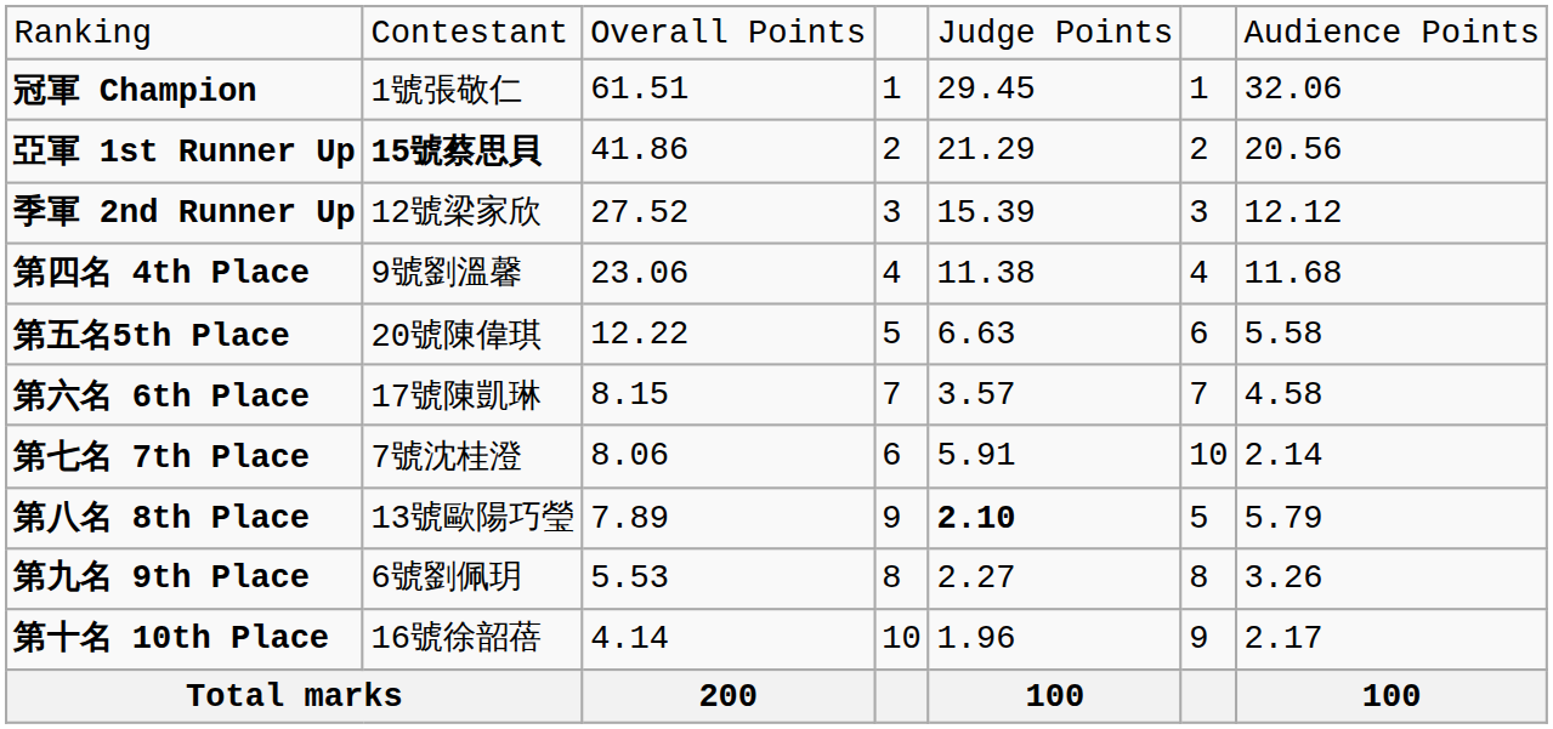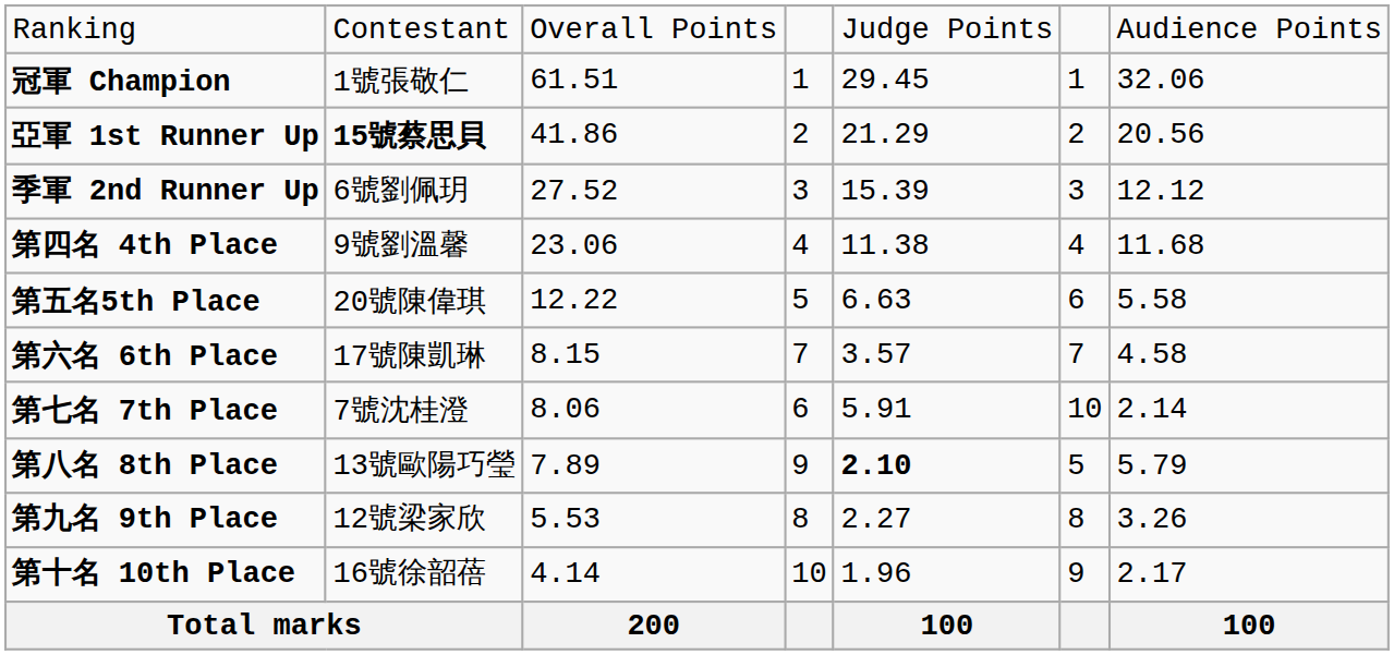 <table class="wikitable">
 <tr>
 <td>Ranking</td>
 <td>Contestant</td>
 <td>Overall Points</td>
 <td></td>
 <td>Judge Points</td>
 <td></td>
 <td>Audience Points</td>
 </tr>
 <tr>
 <td><strong>冠軍 Champion</strong></td>
 <td>1號張敬仁</td>
 <td>61.51</td>
 <td>1</td>
 <td>29.45</td>
 <td>1</td>
 <td>32.06</td>
 </tr>
 <tr>
 <td><strong>亞軍 1st Runner Up</strong></td>
 <td><strong>15號蔡思貝</strong></td>
 <td>41.86</td>
 <td>2</td>
 <td>21.29</td>
 <td>2</td>
 <td>20.56</td>
 </tr>
 <tr>
 <td><strong>季軍 2nd Runner Up</strong></td>
-<td>12號梁家欣</td>
+<td>6號劉佩玥</td>
 <td>27.52</td>
 <td>3</td>
 <td>15.39</td>
 <td>3</td>
 <td>12.12</td>
 </tr>
 <tr>
 <td><strong>第四名 4th Place</strong></td>
 <td>9號劉溫馨</td>
 <td>23.06</td>
 <td>4</td>
 <td>11.38</td>
 <td>4</td>
 <td>11.68</td>
 </tr>
 <tr>
 <td><strong>第五名5th Place</strong></td>
 <td>20號陳偉琪</td>
 <td>12.22</td>
 <td>5</td>
 <td>6.63</td>
 <td>6</td>
 <td>5.58</td>
 </tr>
 <tr>
 <td><strong>第六名 6th Place</strong></td>
 <td>17號陳凱琳</td>
 <td>8.15</td>
 <td>7</td>
 <td>3.57</td>
 <td>7</td>
 <td>4.58</td>
 </tr>
 <tr>
 <td><strong>第七名 7th Place</strong></td>
 <td>7號沈桂澄</td>
 <td>8.06</td>
 <td>6</td>
 <td>5.91</td>
 <td>10</td>
 <td>2.14</td>
 </tr>
 <tr>
 <td><strong>第八名 8th Place</strong></td>
 <td>13號歐陽巧瑩</td>
 <td>7.89</td>
 <td>9</td>
 <td><strong>2.10</strong></td>
 <td>5</td>
 <td>5.79</td>
 </tr>
 <tr>
 <td><strong>第九名 9th Place</strong></td>
-<td>6號劉佩玥</td>
+<td>12號梁家欣</td>
 <td>5.53</td>
 <td>8</td>
 <td>2.27</td>
 <td>8</td>
 <td>3.26</td>
 </tr>
 <tr>
 <td><strong>第十名 10th Place</strong></td>
 <td>16號徐韶蓓</td>
 <td>4.14</td>
 <td>10</td>
 <td>1.96</td>
 <td>9</td>
 <td>2.17</td>
 </tr>
 <tr>
 <th colspan="2"><strong>Total marks</strong></th>
 <th>200</th>
 <th></th>
 <th>100</th>
 <th></th>
 <th>100</th>
 </tr>
 </table>
